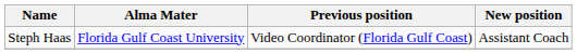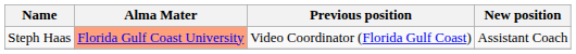 <table class="wikitable sortable" border="1">
 <tr align=center>
 <th>Name</th>
 <th>Alma Mater</th>
 <th>Previous position</th>
 <th>New position</th>
 </tr>
 <tr>
 <td>Steph Haas</td>
-<td><a href='#'>Florida Gulf Coast University</a></td>
+<td style="background: lightsalmon;"><a href='#'>Florida Gulf Coast University</a></td>
 <td>Video Coordinator (<a href='#'>Florida Gulf Coast</a>)</td>
 <td>Assistant Coach</td>
 </tr>
 <tr>
 </tr>
 </table>
